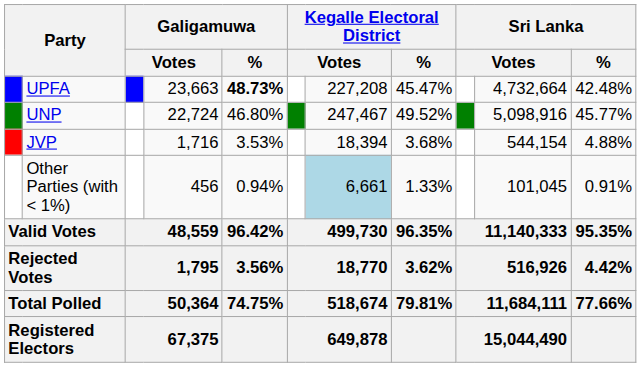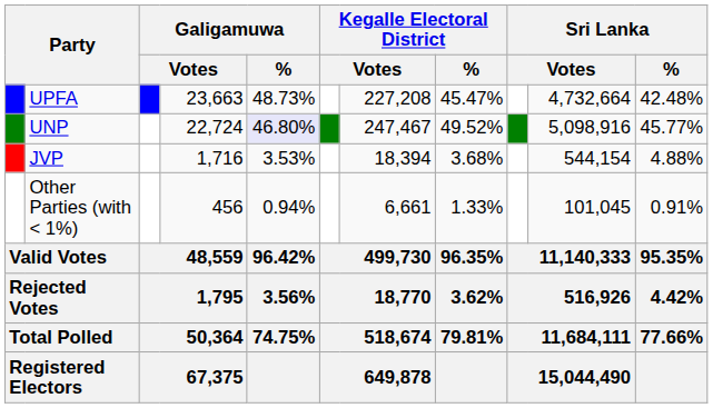 <table class="wikitable">
 <tr>
 <th colspan="2" width="144px"rowspan="2">Party</th>
 <th colspan="3" width="216px">Galigamuwa</th>
 <th colspan="3" width="216px"><a href='#'>Kegalle Electoral District</a></th>
 <th colspan="3" width="216px">Sri Lanka</th>
 </tr>
 <tr>
 <th colspan="2" width="144px">Votes</th>
 <th>%</th>
 <th colspan="2" width="144px">Votes</th>
 <th>%</th>
 <th colspan="2" width="144px">Votes</th>
 <th>%</th>
 </tr>
 <tr>
 <td style="background-color:blue;" width="10px"></td>
 <td style="text-align:left;"><a href='#'>UPFA</a></td>
 <td style="background-color:blue;" width="10px"></td>
 <td style="text-align:right;">23,663</td>
-<td style="text-align:right;"><strong>48.73%</strong></td>
+<td style="text-align:right;">48.73%</td>
 <td style="background-color:white;" width="10px"></td>
 <td style="text-align:right;">227,208</td>
 <td style="text-align:right;">45.47%</td>
 <td style="background-color:white;" width="10px"></td>
 <td style="text-align:right;">4,732,664</td>
 <td style="text-align:right;">42.48%</td>
 </tr>
 <tr>
 <td style="background-color:green;" width="10px"></td>
 <td style="text-align:left;"><a href='#'>UNP</a></td>
 <td style="background-color:white;" width="10px"></td>
 <td style="text-align:right;">22,724</td>
-<td style="text-align:right;">46.80%</td>
+<td style="background: lavender; text-align:right;">46.80%</td>
 <td style="background-color:green;" width="10px"></td>
 <td style="text-align:right;">247,467</td>
 <td style="text-align:right;">49.52%</td>
 <td style="background-color:green;" width="10px"></td>
 <td style="text-align:right;">5,098,916</td>
 <td style="text-align:right;">45.77%</td>
 </tr>
 <tr>
 <td style="background-color:red;" width="10px"></td>
 <td style="text-align:left;"><a href='#'>JVP</a></td>
 <td style="background-color:white;" width="10px"></td>
 <td style="text-align:right;">1,716</td>
 <td style="text-align:right;">3.53%</td>
 <td style="background-color:white;" width="10px"></td>
 <td style="text-align:right;">18,394</td>
 <td style="text-align:right;">3.68%</td>
 <td style="background-color:white;" width="10px"></td>
 <td style="text-align:right;">544,154</td>
 <td style="text-align:right;">4.88%</td>
 </tr>
 <tr>
 <td style="background-color:white;" width="10px"></td>
 <td style="text-align:left;">Other Parties (with < 1%)</td>
 <td style="background-color:white;" width="10px"></td>
 <td style="text-align:right;">456</td>
 <td style="text-align:right;">0.94%</td>
 <td style="background-color:white;" width="10px"></td>
-<td style="background: lightblue; text-align:right;">6,661</td>
+<td style="text-align:right;">6,661</td>
 <td style="text-align:right;">1.33%</td>
 <td style="background-color:white;" width="10px"></td>
 <td style="text-align:right;">101,045</td>
 <td style="text-align:right;">0.91%</td>
 </tr>
 <tr>
 <th colspan="2" width="144px"style="text-align:left;">Valid Votes</th>
 <th style="text-align:right;"colspan="2" width="144px">48,559</th>
 <th style="text-align:right;">96.42%</th>
 <th style="text-align:right;"colspan="2" width="144px">499,730</th>
 <th style="text-align:right;">96.35%</th>
 <th style="text-align:right;"colspan="2" width="144px">11,140,333</th>
 <th style="text-align:right;">95.35%</th>
 </tr>
 <tr>
 <th colspan="2" width="144px"style="text-align:left;">Rejected Votes</th>
 <th style="text-align:right;"colspan="2" width="144px">1,795</th>
 <th style="text-align:right;">3.56%</th>
 <th style="text-align:right;"colspan="2" width="144px">18,770</th>
 <th style="text-align:right;">3.62%</th>
 <th style="text-align:right;"colspan="2" width="144px">516,926</th>
 <th style="text-align:right;">4.42%</th>
 </tr>
 <tr>
 <th colspan="2" width="144px"style="text-align:left;">Total Polled</th>
 <th style="text-align:right;"colspan="2" width="144px">50,364</th>
 <th style="text-align:right;">74.75%</th>
 <th style="text-align:right;"colspan="2" width="144px">518,674</th>
 <th style="text-align:right;">79.81%</th>
 <th style="text-align:right;"colspan="2" width="144px">11,684,111</th>
 <th style="text-align:right;">77.66%</th>
 </tr>
 <tr>
 <th colspan="2" width="144px"style="text-align:left;">Registered Electors</th>
 <th style="text-align:right;"colspan="2" width="144px">67,375</th>
 <th></th>
 <th style="text-align:right;"colspan="2" width="144px">649,878</th>
 <th></th>
 <th style="text-align:right;"colspan="2" width="144px">15,044,490</th>
 <th></th>
 </tr>
 </table>
